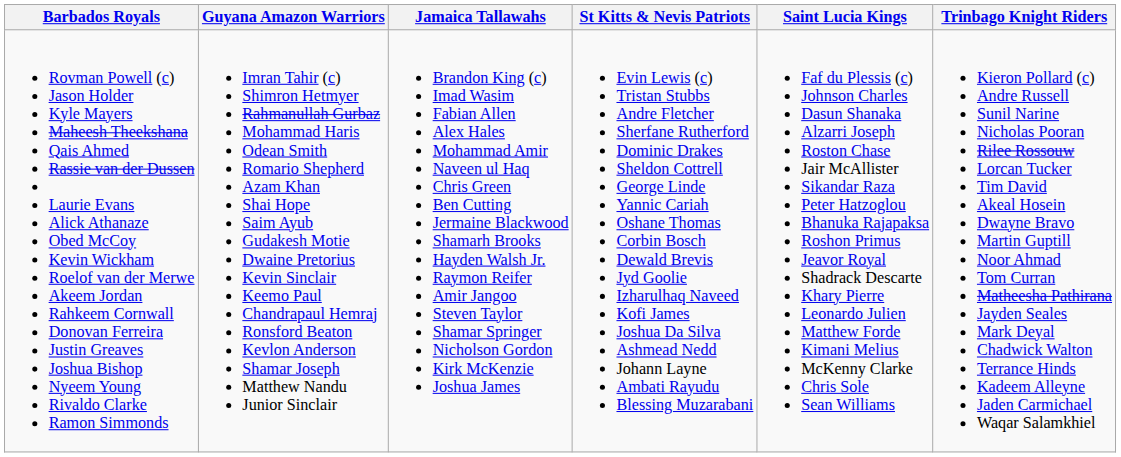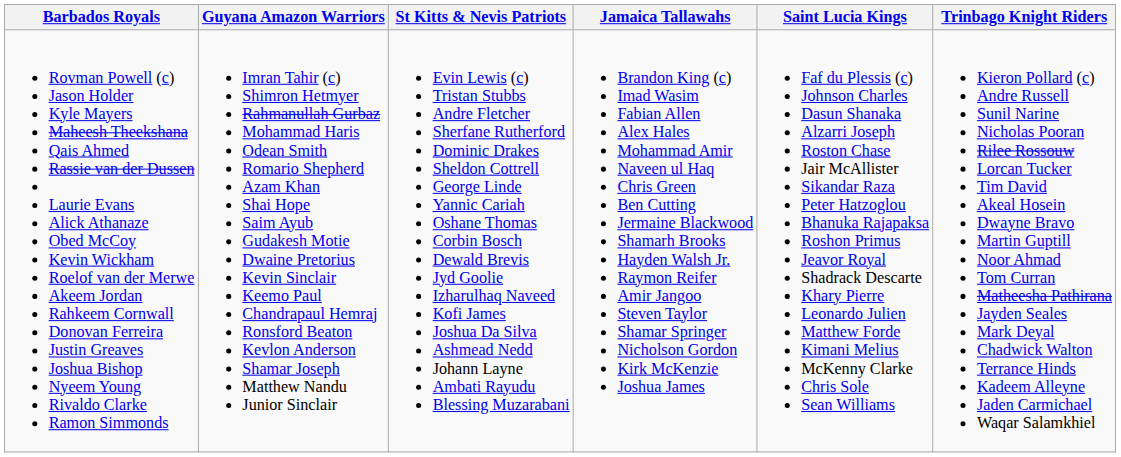 <table class="wikitable" style="text-align:left;">
 <tr>
 <th><a href='#'>Barbados Royals</a></th>
 <th><a href='#'>Guyana Amazon Warriors</a></th>
+<th><a href='#'>St Kitts & Nevis Patriots</a></th>
 <th><a href='#'>Jamaica Tallawahs</a></th>
-<th><a href='#'>St Kitts & Nevis Patriots</a></th>
 <th><a href='#'>Saint Lucia Kings</a></th>
 <th><a href='#'>Trinbago Knight Riders</a></th>
 </tr>
 <tr style="vertical-align:top">
 <td><br><ul><li><a href='#'>Rovman Powell</a> (<a href='#'>c</a>)</li><li><a href='#'>Jason Holder</a></li><li><a href='#'>Kyle Mayers</a></li><li><a href='#'><s>Maheesh Theekshana</s></a></li><li><a href='#'>Qais Ahmed</a></li><li><a href='#'><s>Rassie van der Dussen</s></a></li><li></li><li><a href='#'>Laurie Evans</a></li><li><a href='#'>Alick Athanaze</a></li><li><a href='#'>Obed McCoy</a></li><li><a href='#'>Kevin Wickham</a></li><li><a href='#'>Roelof van der Merwe</a></li><li><a href='#'>Akeem Jordan</a></li><li><a href='#'>Rahkeem Cornwall</a></li><li><a href='#'>Donovan Ferreira</a></li><li><a href='#'>Justin Greaves</a></li><li><a href='#'>Joshua Bishop</a></li><li><a href='#'>Nyeem Young</a></li><li><a href='#'>Rivaldo Clarke</a></li><li><a href='#'>Ramon Simmonds</a></li></ul></td>
 <td><br><ul><li><a href='#'>Imran Tahir</a> (<a href='#'>c</a>)</li><li><a href='#'>Shimron Hetmyer</a></li><li><a href='#'><s>Rahmanullah Gurbaz</s></a></li><li><a href='#'>Mohammad Haris</a></li><li><a href='#'>Odean Smith</a></li><li><a href='#'>Romario Shepherd</a></li><li><a href='#'>Azam Khan</a></li><li><a href='#'>Shai Hope</a></li><li><a href='#'>Saim Ayub</a></li><li><a href='#'>Gudakesh Motie</a></li><li><a href='#'>Dwaine Pretorius</a></li><li><a href='#'>Kevin Sinclair</a></li><li><a href='#'>Keemo Paul</a></li><li><a href='#'>Chandrapaul Hemraj</a></li><li><a href='#'>Ronsford Beaton</a></li><li><a href='#'>Kevlon Anderson</a></li><li><a href='#'>Shamar Joseph</a></li><li>Matthew Nandu</li><li>Junior Sinclair</li></ul></td>
+<td><br><ul><li><a href='#'>Evin Lewis</a> (<a href='#'>c</a>)</li><li><a href='#'>Tristan Stubbs</a></li><li><a href='#'>Andre Fletcher</a></li><li><a href='#'>Sherfane Rutherford</a></li><li><a href='#'>Dominic Drakes</a></li><li><a href='#'>Sheldon Cottrell</a></li><li><a href='#'>George Linde</a></li><li><a href='#'>Yannic Cariah</a></li><li><a href='#'>Oshane Thomas</a></li><li><a href='#'>Corbin Bosch</a></li><li><a href='#'>Dewald Brevis</a></li><li><a href='#'>Jyd Goolie</a></li><li><a href='#'>Izharulhaq Naveed</a></li><li><a href='#'>Kofi James</a></li><li><a href='#'>Joshua Da Silva</a></li><li><a href='#'>Ashmead Nedd</a></li><li>Johann Layne</li><li><a href='#'>Ambati Rayudu</a></li><li><a href='#'>Blessing Muzarabani</a></li></ul></td>
 <td><br><ul><li><a href='#'>Brandon King</a> (<a href='#'>c</a>)</li><li><a href='#'>Imad Wasim</a></li><li><a href='#'>Fabian Allen</a></li><li><a href='#'>Alex Hales</a></li><li><a href='#'>Mohammad Amir</a></li><li><a href='#'>Naveen ul Haq</a></li><li><a href='#'>Chris Green</a></li><li><a href='#'>Ben Cutting</a></li><li><a href='#'>Jermaine Blackwood</a></li><li><a href='#'>Shamarh Brooks</a></li><li><a href='#'>Hayden Walsh Jr.</a></li><li><a href='#'>Raymon Reifer</a></li><li><a href='#'>Amir Jangoo</a></li><li><a href='#'>Steven Taylor</a></li><li><a href='#'>Shamar Springer</a></li><li><a href='#'>Nicholson Gordon</a></li><li><a href='#'>Kirk McKenzie</a></li><li><a href='#'>Joshua James</a></li></ul></td>
-<td><br><ul><li><a href='#'>Evin Lewis</a> (<a href='#'>c</a>)</li><li><a href='#'>Tristan Stubbs</a></li><li><a href='#'>Andre Fletcher</a></li><li><a href='#'>Sherfane Rutherford</a></li><li><a href='#'>Dominic Drakes</a></li><li><a href='#'>Sheldon Cottrell</a></li><li><a href='#'>George Linde</a></li><li><a href='#'>Yannic Cariah</a></li><li><a href='#'>Oshane Thomas</a></li><li><a href='#'>Corbin Bosch</a></li><li><a href='#'>Dewald Brevis</a></li><li><a href='#'>Jyd Goolie</a></li><li><a href='#'>Izharulhaq Naveed</a></li><li><a href='#'>Kofi James</a></li><li><a href='#'>Joshua Da Silva</a></li><li><a href='#'>Ashmead Nedd</a></li><li>Johann Layne</li><li><a href='#'>Ambati Rayudu</a></li><li><a href='#'>Blessing Muzarabani</a></li></ul></td>
 <td><br><ul><li><a href='#'>Faf du Plessis</a> (<a href='#'>c</a>)</li><li><a href='#'>Johnson Charles</a></li><li><a href='#'>Dasun Shanaka</a></li><li><a href='#'>Alzarri Joseph</a></li><li><a href='#'>Roston Chase</a></li><li>Jair McAllister</li><li><a href='#'>Sikandar Raza</a></li><li><a href='#'>Peter Hatzoglou</a></li><li><a href='#'>Bhanuka Rajapaksa</a></li><li><a href='#'>Roshon Primus</a></li><li><a href='#'>Jeavor Royal</a></li><li>Shadrack Descarte</li><li><a href='#'>Khary Pierre</a></li><li><a href='#'>Leonardo Julien</a></li><li><a href='#'>Matthew Forde</a></li><li><a href='#'>Kimani Melius</a></li><li>McKenny Clarke</li><li><a href='#'>Chris Sole</a></li><li><a href='#'>Sean Williams</a></li></ul></td>
 <td><br><ul><li><a href='#'>Kieron Pollard</a> (<a href='#'>c</a>)</li><li><a href='#'>Andre Russell</a></li><li><a href='#'>Sunil Narine</a></li><li><a href='#'>Nicholas Pooran</a></li><li><a href='#'><s>Rilee Rossouw</s></a></li><li><a href='#'>Lorcan Tucker</a></li><li><a href='#'>Tim David</a></li><li><a href='#'>Akeal Hosein</a></li><li><a href='#'>Dwayne Bravo</a></li><li><a href='#'>Martin Guptill</a></li><li><a href='#'>Noor Ahmad</a></li><li><a href='#'>Tom Curran</a></li><li><a href='#'><s>Matheesha Pathirana</s></a></li><li><a href='#'>Jayden Seales</a></li><li><a href='#'>Mark Deyal</a></li><li><a href='#'>Chadwick Walton</a></li><li><a href='#'>Terrance Hinds</a></li><li><a href='#'>Kadeem Alleyne</a></li><li><a href='#'>Jaden Carmichael</a></li><li>Waqar Salamkhiel</li></ul></td>
 </tr>
 </table>
